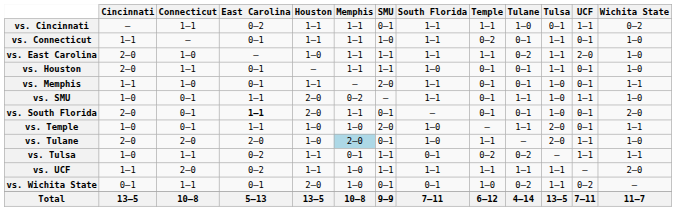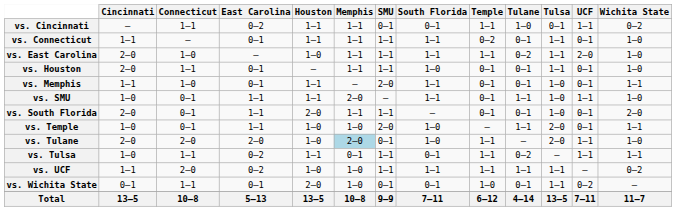 <table class="wikitable" style="white-space:nowrap;font-size:100%;">
 <tr>
 <th colspan="1" style="background:white; border-top-style:hidden; border-left-style:hidden;" width="75"> </th>
 <th>Cincinnati</th>
 <th>Connecticut</th>
 <th>East Carolina</th>
 <th>Houston</th>
 <th>Memphis</th>
 <th>SMU</th>
 <th>South Florida</th>
 <th>Temple</th>
 <th>Tulane</th>
 <th>Tulsa</th>
 <th>UCF</th>
 <th>Wichita State</th>
 </tr>
 <tr style="text-align:center;">
 <th>vs. Cincinnati</th>
 <td>–</td>
 <td>1–1</td>
 <td>0–2</td>
 <td>1–1</td>
 <td>1–1</td>
 <td>0–1</td>
-<td>1–1</td>
+<td>0–1</td>
 <td>1–1</td>
 <td>1–0</td>
 <td>0–1</td>
 <td>1–1</td>
 <td>0–2</td>
 </tr>
 <tr style="text-align:center;">
 <th>vs. Connecticut</th>
 <td>1–1</td>
 <td>–</td>
 <td>0–1</td>
 <td>1–1</td>
 <td>1–1</td>
-<td>1–0</td>
+<td>1–1</td>
 <td>1–1</td>
 <td>0–2</td>
 <td>0–1</td>
 <td>1–1</td>
 <td>0–1</td>
 <td>1–0</td>
 </tr>
 <tr style="text-align:center;">
 <th>vs. East Carolina</th>
 <td>2–0</td>
 <td>1–0</td>
 <td>–</td>
 <td>1–0</td>
 <td>1–1</td>
 <td>1–1</td>
 <td>1–1</td>
 <td>1–1</td>
 <td>0–2</td>
 <td>1–1</td>
 <td>2–0</td>
 <td>1–0</td>
 </tr>
 <tr style="text-align:center;">
 <th>vs. Houston</th>
 <td>2–0</td>
 <td>1–1</td>
 <td>0–1</td>
 <td>–</td>
 <td>1–1</td>
 <td>1–1</td>
 <td>1–0</td>
 <td>0–1</td>
 <td>0–1</td>
 <td>1–1</td>
 <td>0–1</td>
 <td>1–0</td>
 </tr>
 <tr style="text-align:center;">
 <th>vs. Memphis</th>
 <td>1–1</td>
 <td>1–0</td>
 <td>0–1</td>
 <td>1–1</td>
 <td>–</td>
 <td>2–0</td>
 <td>1–1</td>
 <td>0–1</td>
 <td>0–1</td>
 <td>1–0</td>
 <td>0–1</td>
 <td>1–1</td>
 </tr>
 <tr style="text-align:center;">
 <th>vs. SMU</th>
 <td>1–0</td>
 <td>0–1</td>
 <td>1–1</td>
+<td>1–1</td>
 <td>2–0</td>
-<td>0–2</td>
 <td>–</td>
 <td>1–1</td>
 <td>0–1</td>
 <td>1–1</td>
 <td>1–0</td>
 <td>1–1</td>
 <td>1–0</td>
 </tr>
 <tr style="text-align:center;">
 <th>vs. South Florida</th>
 <td>2–0</td>
 <td>0–1</td>
-<td><strong>1–1</strong></td>
+<td>1–1</td>
 <td>2–0</td>
 <td>1–1</td>
-<td>0–1</td>
+<td>1–1</td>
 <td>–</td>
 <td>0–1</td>
 <td>0–1</td>
 <td>1–0</td>
 <td>0–1</td>
 <td>2–0</td>
 </tr>
 <tr style="text-align:center;">
 <th>vs. Temple</th>
 <td>1–0</td>
 <td>0–1</td>
 <td>1–1</td>
 <td>1–0</td>
 <td>1–0</td>
 <td>2–0</td>
 <td>1–0</td>
 <td>–</td>
 <td>1–1</td>
 <td>2–0</td>
 <td>0–1</td>
 <td>1–1</td>
 </tr>
 <tr style="text-align:center;">
 <th>vs. Tulane</th>
 <td>2–0</td>
 <td>2–0</td>
 <td>2–0</td>
 <td>1–0</td>
 <td style="background: lightblue;">2–0</td>
 <td>0–1</td>
 <td>1–0</td>
 <td>1–1</td>
 <td>–</td>
 <td>2–0</td>
 <td>1–1</td>
 <td>1–0</td>
 </tr>
 <tr style="text-align:center;">
 <th>vs. Tulsa</th>
 <td>1–0</td>
 <td>1–1</td>
 <td>0–2</td>
 <td>1–1</td>
 <td>0–1</td>
 <td>1–1</td>
 <td>0–1</td>
-<td>0–2</td>
+<td>1–1</td>
 <td>0–2</td>
 <td>–</td>
 <td>1–1</td>
 <td>1–1</td>
 </tr>
 <tr style="text-align:center;">
 <th>vs. UCF</th>
 <td>1–1</td>
 <td>2–0</td>
 <td>0–2</td>
-<td>1–1</td>
+<td>1–0</td>
 <td>1–0</td>
 <td>1–1</td>
 <td>1–1</td>
 <td>1–1</td>
 <td>1–1</td>
 <td>1–1</td>
 <td>–</td>
-<td>2–0</td>
+<td>0–2</td>
 </tr>
 <tr style="text-align:center;">
 <th>vs. Wichita State</th>
 <td>0–1</td>
 <td>1–1</td>
 <td>0–1</td>
 <td>2–0</td>
 <td>1–0</td>
 <td>0–1</td>
 <td>0–1</td>
 <td>1–0</td>
-<td>0–2</td>
+<td>0–1</td>
 <td>1–1</td>
 <td>0–2</td>
 <td>–</td>
 </tr>
 <tr style="text-align:center;">
 </tr>
 <tr style="text-align:center;">
 <th>Total</th>
 <th>13–5</th>
 <th>10–8</th>
 <th>5–13</th>
 <th>13–5</th>
 <th>10–8</th>
 <th>9–9</th>
 <th>7–11</th>
 <th>6–12</th>
 <th>4–14</th>
 <th>13–5</th>
 <th>7–11</th>
 <th>11–7</th>
 </tr>
 </table>
